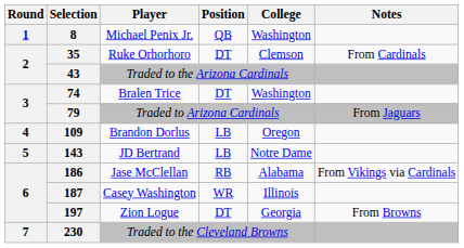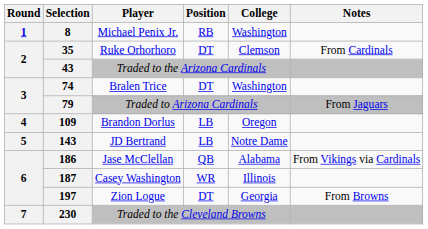 <table class="wikitable" style="text-align:center">
 <tr>
 <th>Round</th>
 <th>Selection</th>
 <th>Player</th>
 <th>Position</th>
 <th>College</th>
 <th>Notes</th>
 </tr>
 <tr>
 <th><a href='#'>1</a></th>
 <th>8</th>
 <td><a href='#'>Michael Penix Jr.</a></td>
-<td><a href='#'>QB</a></td>
+<td><a href='#'>RB</a></td>
 <td><a href='#'>Washington</a></td>
 <td></td>
 </tr>
 <tr>
 <th rowspan="2">2</th>
 <th>35</th>
 <td><a href='#'>Ruke Orhorhoro</a></td>
 <td><a href='#'>DT</a></td>
 <td><a href='#'>Clemson</a></td>
 <td>From <a href='#'>Cardinals</a></td>
 </tr>
 <tr>
 <th>43</th>
 <td colspan="3" style="background:#BFBFBF"><em>Traded to the <a href='#'>Arizona Cardinals</a></em></td>
 <td style="background:#BFBFBF"></td>
 </tr>
 <tr>
 <th rowspan="2">3</th>
 <th>74</th>
 <td><a href='#'>Bralen Trice</a></td>
 <td><a href='#'>DT</a></td>
 <td><a href='#'>Washington</a></td>
 <td></td>
 </tr>
 <tr>
 <th>79</th>
 <td colspan="3" style="background:#BFBFBF"><em>Traded to <a href='#'>Arizona Cardinals</a></em></td>
 <td style="background:#BFBFBF">From <a href='#'>Jaguars</a></td>
 </tr>
 <tr>
 <th>4</th>
 <th>109</th>
 <td><a href='#'>Brandon Dorlus</a></td>
 <td><a href='#'>LB</a></td>
 <td><a href='#'>Oregon</a></td>
 <td></td>
 </tr>
 <tr>
 <th>5</th>
 <th>143</th>
 <td><a href='#'>JD Bertrand</a></td>
 <td><a href='#'>LB</a></td>
 <td><a href='#'>Notre Dame</a></td>
 <td></td>
 </tr>
 <tr>
 <th rowspan="3">6</th>
 <th>186</th>
 <td><a href='#'>Jase McClellan</a></td>
-<td><a href='#'>RB</a></td>
+<td><a href='#'>QB</a></td>
 <td><a href='#'>Alabama</a></td>
 <td>From <a href='#'>Vikings</a> via <a href='#'>Cardinals</a></td>
 </tr>
 <tr>
 <th>187</th>
 <td><a href='#'>Casey Washington</a></td>
 <td><a href='#'>WR</a></td>
 <td><a href='#'>Illinois</a></td>
 <td></td>
 </tr>
 <tr>
 <th>197</th>
 <td><a href='#'>Zion Logue</a></td>
 <td><a href='#'>DT</a></td>
 <td><a href='#'>Georgia</a></td>
 <td>From <a href='#'>Browns</a></td>
 </tr>
 <tr>
 <th>7</th>
 <th>230</th>
 <td colspan="3" style="background:#BFBFBF"><em>Traded to the <a href='#'>Cleveland Browns</a></em></td>
 <td style="background:#BFBFBF"></td>
 </tr>
 </table>
